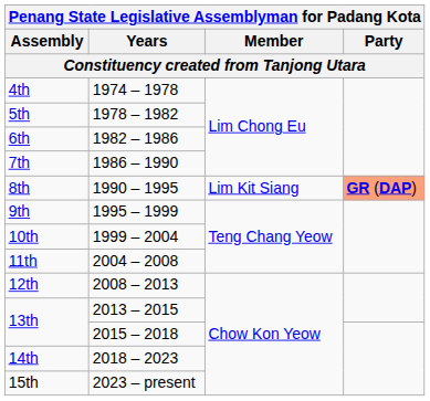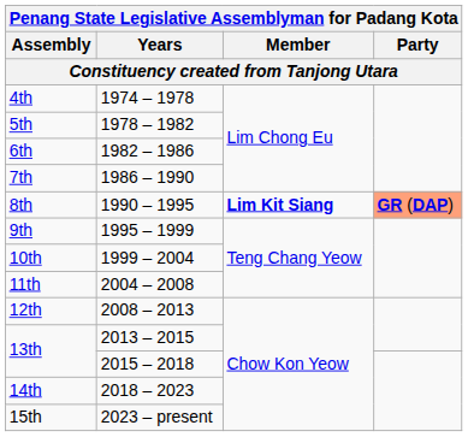 <table class="wikitable">
 <tr>
 <th colspan="4"><a href='#'>Penang State Legislative Assemblyman</a> for Padang Kota</th>
 </tr>
 <tr>
 <th>Assembly</th>
 <th>Years</th>
 <th>Member</th>
 <th>Party</th>
 </tr>
 <tr>
 <th colspan="4" align="center"><em>Constituency created from Tanjong Utara</em></th>
 </tr>
 <tr>
 <td><a href='#'>4th</a></td>
 <td>1974 – 1978</td>
 <td rowspan="4"><a href='#'>Lim Chong Eu</a></td>
 <td rowspan="4"></td>
 </tr>
 <tr>
 <td><a href='#'>5th</a></td>
 <td>1978 – 1982</td>
 </tr>
 <tr>
 <td><a href='#'>6th</a></td>
 <td>1982 – 1986</td>
 </tr>
 <tr>
 <td><a href='#'>7th</a></td>
 <td>1986 – 1990</td>
 </tr>
 <tr>
 <td><a href='#'>8th</a></td>
 <td>1990 – 1995</td>
-<td><a href='#'>Lim Kit Siang</a></td>
+<td><strong><a href='#'>Lim Kit Siang</a></strong></td>
 <td style="background: lightsalmon;"><strong><a href='#'>GR</a></strong> (<strong><a href='#'>DAP</a></strong>)</td>
 </tr>
 <tr>
 <td><a href='#'>9th</a></td>
 <td>1995 – 1999</td>
 <td rowspan="3"><a href='#'>Teng Chang Yeow</a></td>
 <td rowspan="3"></td>
 </tr>
 <tr>
 <td><a href='#'>10th</a></td>
 <td>1999 – 2004</td>
 </tr>
 <tr>
 <td><a href='#'>11th</a></td>
 <td>2004 – 2008</td>
 </tr>
 <tr>
 <td><a href='#'>12th</a></td>
 <td>2008 – 2013</td>
 <td rowspan=5><a href='#'>Chow Kon Yeow</a></td>
 <td rowspan="2"></td>
 </tr>
 <tr>
 <td rowspan=2><a href='#'>13th</a></td>
 <td>2013 – 2015</td>
 </tr>
 <tr>
 <td>2015 – 2018</td>
 <td rowspan=3></td>
 </tr>
 <tr>
 <td><a href='#'>14th</a></td>
 <td>2018 – 2023</td>
 </tr>
 <tr>
 <td>15th</td>
 <td>2023 – present</td>
 </tr>
 </table>
